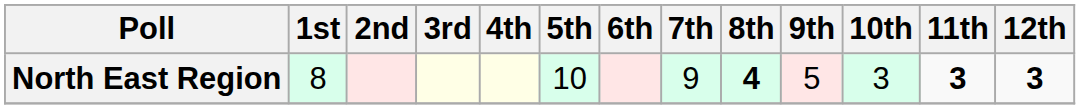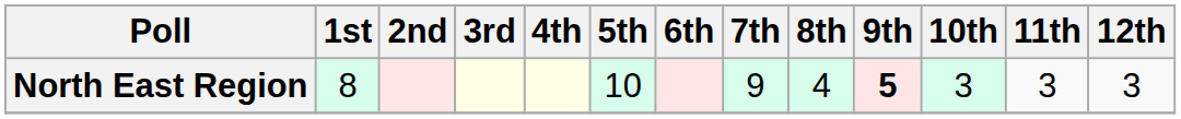 <table class="wikitable" style="white-space:nowrap;">
 <tr>
 <th>Poll</th>
 <th>1st</th>
 <th>2nd</th>
 <th>3rd</th>
 <th>4th</th>
 <th>5th</th>
 <th>6th</th>
 <th>7th</th>
 <th>8th</th>
 <th>9th</th>
 <th>10th</th>
 <th>11th</th>
 <th>12th</th>
 </tr>
 <tr style="text-align:center;">
 <th>North East Region</th>
 <td style="background:#D8FFEB">8</td>
 <td style="background:#FFE6E6"></td>
 <td style="background:#FFFFE6"></td>
 <td style="background:#FFFFE6"></td>
 <td style="background:#D8FFEB">10</td>
 <td style="background:#FFE6E6"></td>
 <td style="background:#D8FFEB">9</td>
-<td style="background:#D8FFEB"><strong>4</strong></td>
-<td style="background:#FFE6E6">5</td>
+<td style="background:#D8FFEB">4</td>
+<td style="background:#FFE6E6"><strong>5</strong></td>
 <td style="background:#D8FFEB">3</td>
-<td style="background:"><strong>3</strong></td>
-<td style="background:"><strong>3</strong></td>
+<td style="background:">3</td>
+<td style="background:">3</td>
 </tr>
 <tr style="text-align:center;">
 </tr>
 </table>
